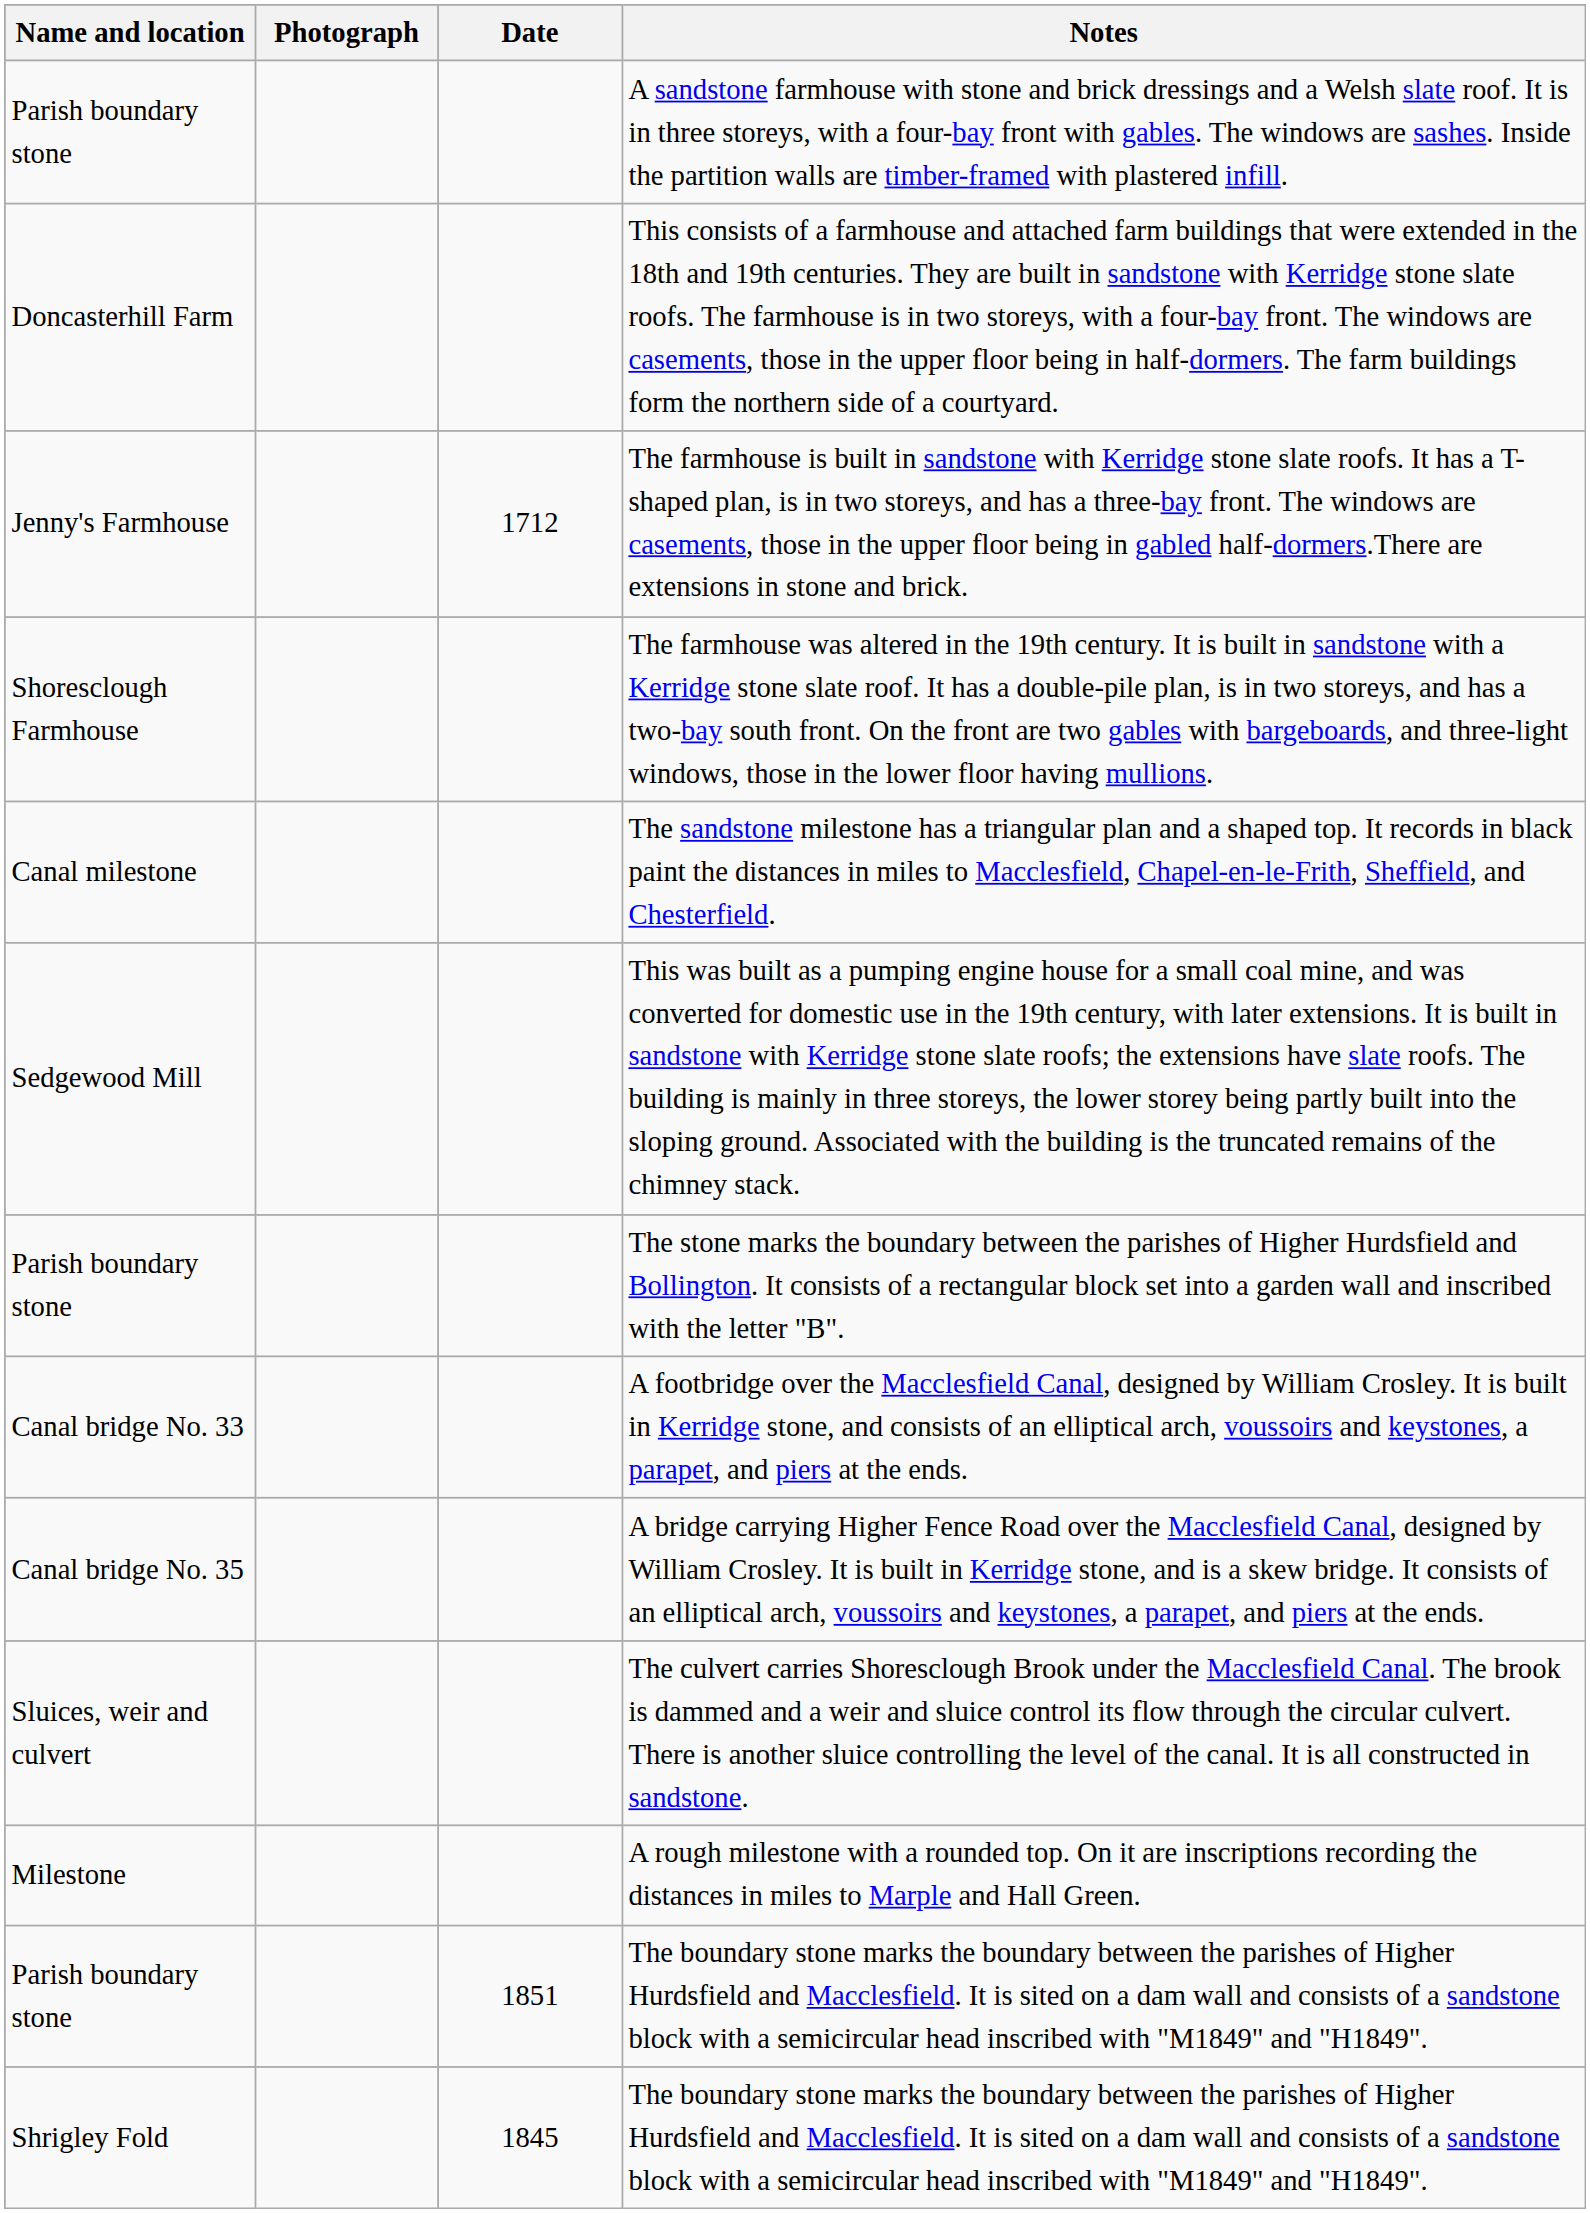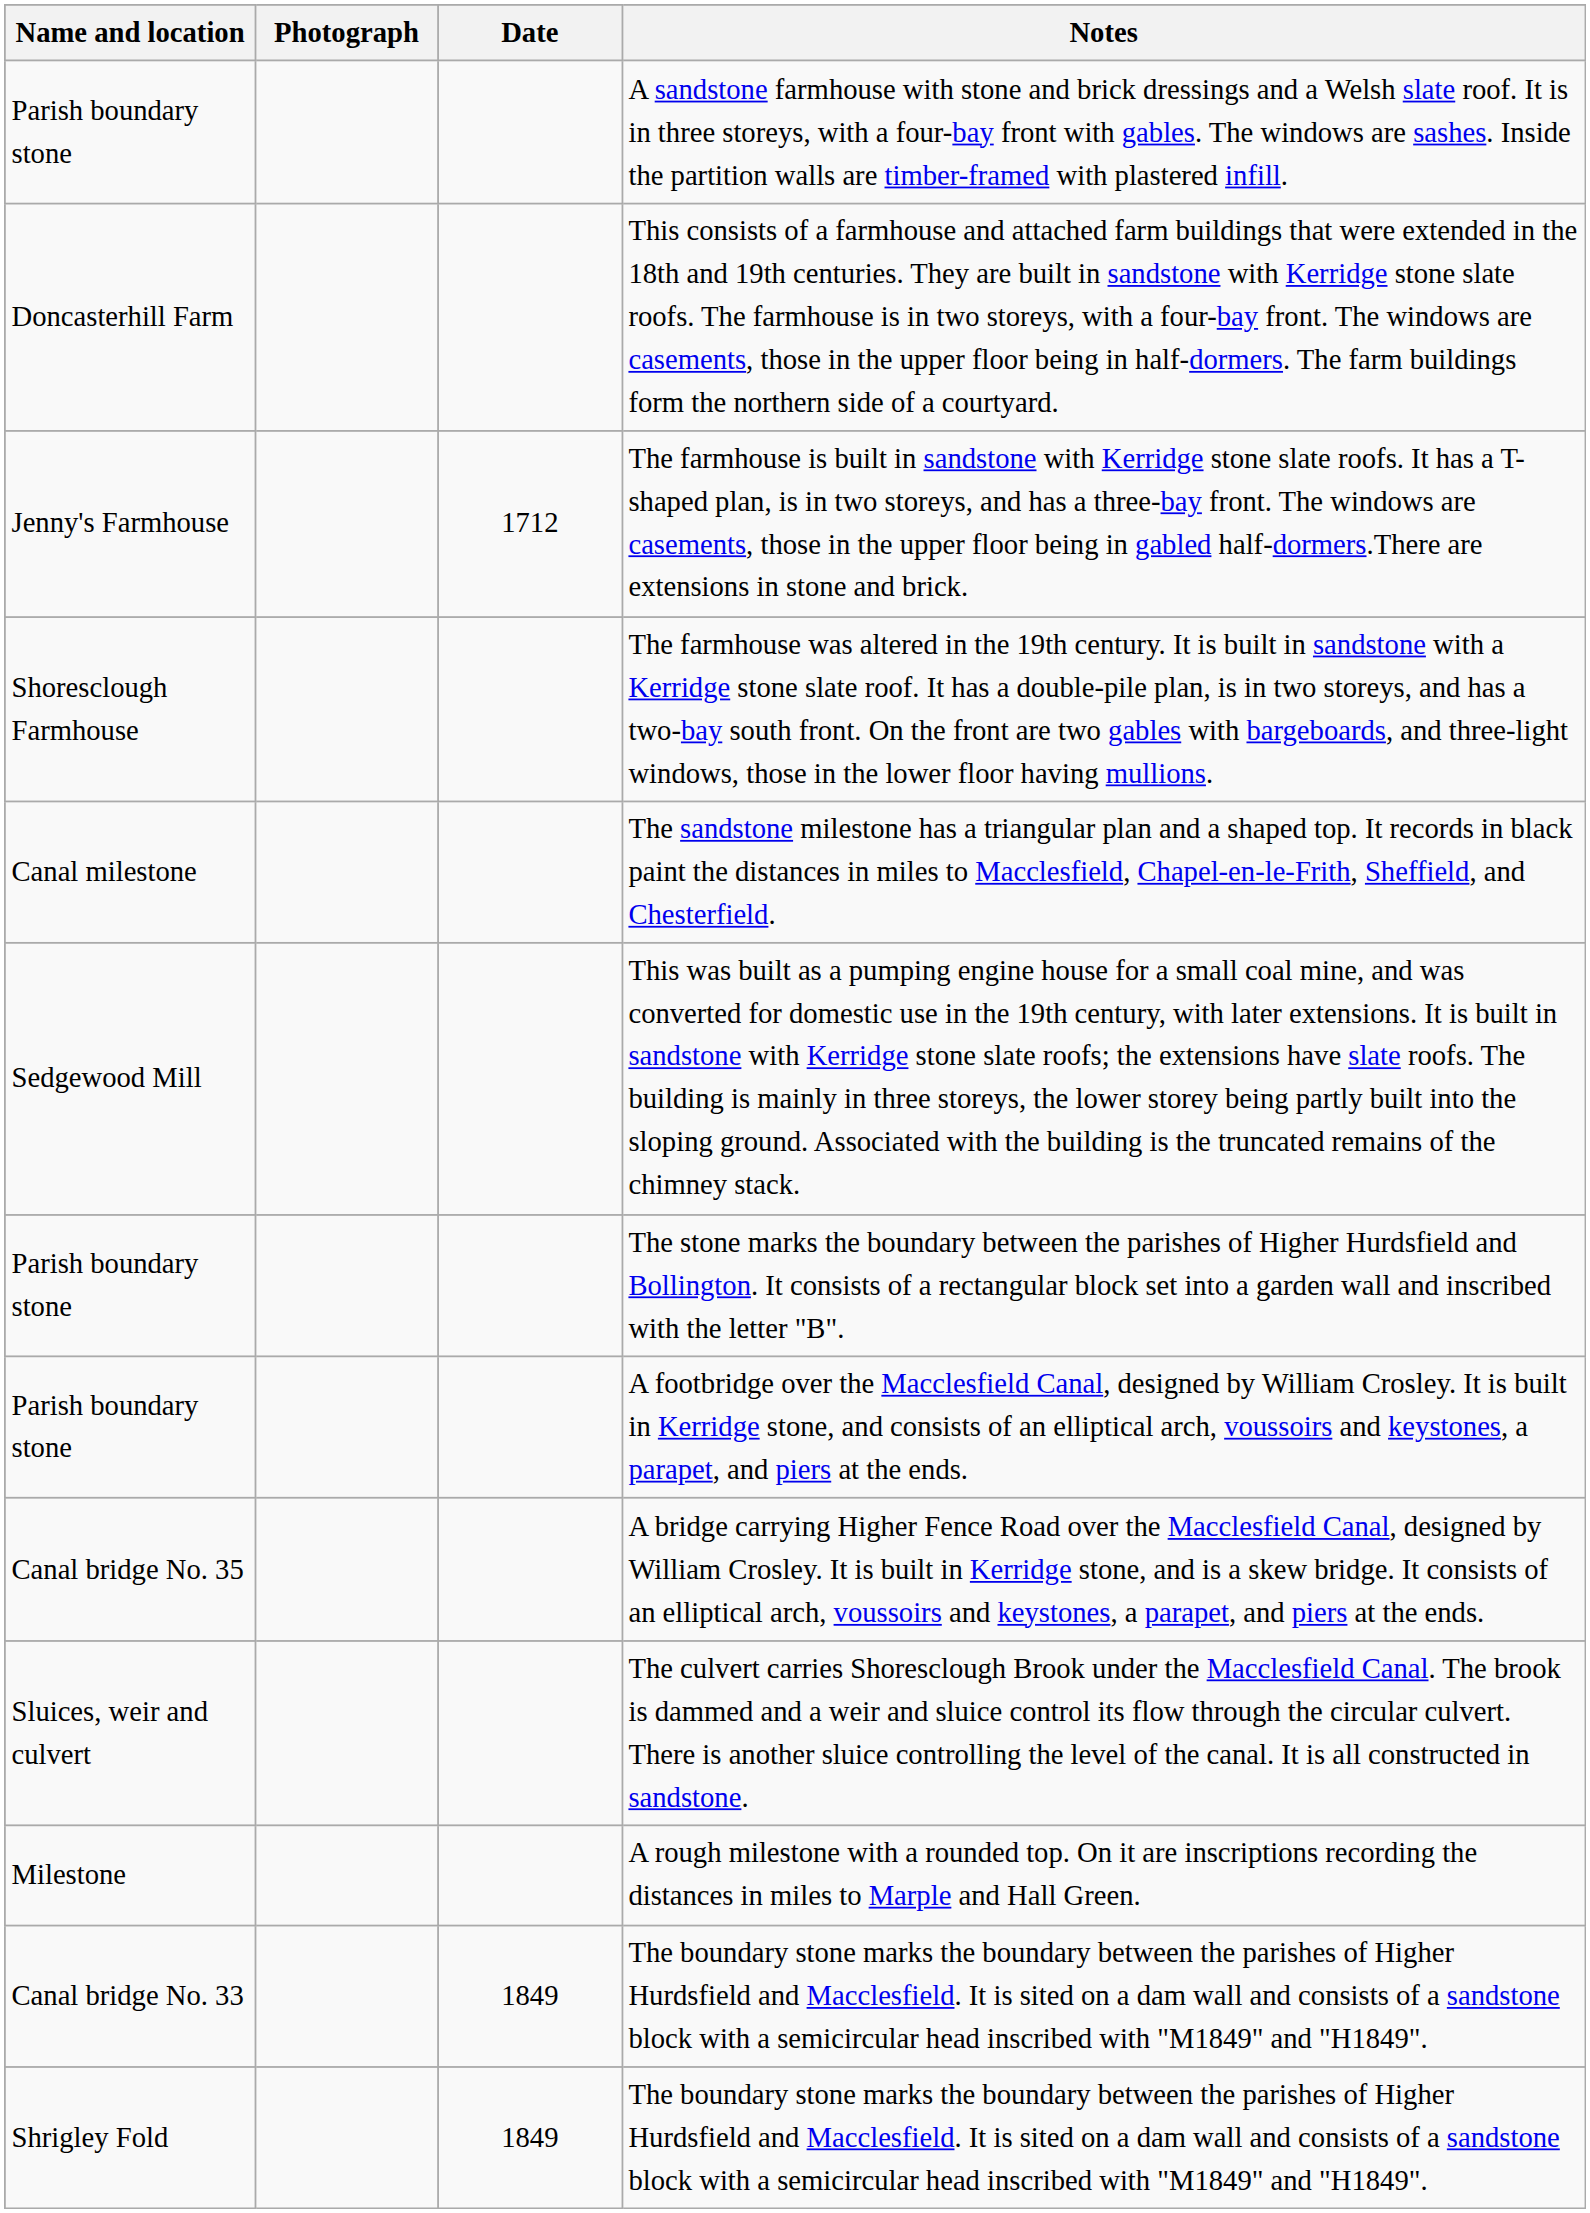 <table class="wikitable sortable plainrowheaders" style="width:100%;border:0px;text-align:left;line-height:150%;">
 <tr>
 <th scope="col" style="width:150px">Name and location</th>
 <th scope="col" style="width:100px" class="unsortable">Photograph</th>
 <th scope="col" style="width:120px">Date</th>
 <th scope="col" style="width:700px" class="unsortable">Notes</th>
 </tr>
 <tr>
 <td>Parish boundary stone<br><small></small></td>
 <td></td>
 <td align="center"></td>
 <td>A <a href='#'>sandstone</a> farmhouse with stone and brick dressings and a Welsh <a href='#'>slate</a> roof. It is in three storeys, with a four-<a href='#'>bay</a> front with <a href='#'>gables</a>. The windows are <a href='#'>sashes</a>. Inside the partition walls are <a href='#'>timber-framed</a> with plastered <a href='#'>infill</a>. </td>
 </tr>
 <tr>
 <td>Doncasterhill Farm<br><small></small></td>
 <td></td>
 <td align="center"></td>
 <td>This consists of a farmhouse and attached farm buildings that were extended in the 18th and 19th centuries. They are built in <a href='#'>sandstone</a> with <a href='#'>Kerridge</a> stone slate roofs. The farmhouse is in two storeys, with a four-<a href='#'>bay</a> front. The windows are <a href='#'>casements</a>, those in the upper floor being in half-<a href='#'>dormers</a>. The farm buildings form the northern side of a courtyard.</td>
 </tr>
 <tr>
 <td>Jenny's Farmhouse<br><small></small></td>
 <td></td>
 <td align="center">1712</td>
 <td>The farmhouse is built in <a href='#'>sandstone</a> with <a href='#'>Kerridge</a> stone slate roofs. It has a T-shaped plan, is in two storeys, and has a three-<a href='#'>bay</a> front. The windows are <a href='#'>casements</a>, those in the upper floor being in <a href='#'>gabled</a> half-<a href='#'>dormers</a>.There are extensions in stone and brick.</td>
 </tr>
 <tr>
 <td>Shoresclough Farmhouse<br><small></small></td>
 <td></td>
 <td align="center"></td>
 <td>The farmhouse was altered in the 19th century. It is built in <a href='#'>sandstone</a> with a <a href='#'>Kerridge</a> stone slate roof. It has a double-pile plan, is in two storeys, and has a two-<a href='#'>bay</a> south front. On the front are two <a href='#'>gables</a> with <a href='#'>bargeboards</a>, and three-light windows, those in the lower floor having <a href='#'>mullions</a>.</td>
 </tr>
 <tr>
 <td>Canal milestone<br><small></small></td>
 <td></td>
 <td align="center"></td>
 <td>The <a href='#'>sandstone</a> milestone has a triangular plan and a shaped top. It records in black paint the distances in miles to <a href='#'>Macclesfield</a>, <a href='#'>Chapel-en-le-Frith</a>, <a href='#'>Sheffield</a>, and <a href='#'>Chesterfield</a>.</td>
 </tr>
 <tr>
 <td>Sedgewood Mill<br><small></small></td>
 <td></td>
 <td align="center"></td>
 <td>This was built as a pumping engine house for a small coal mine, and was converted for domestic use in the 19th century, with later extensions. It is built in <a href='#'>sandstone</a> with <a href='#'>Kerridge</a> stone slate roofs; the extensions have <a href='#'>slate</a> roofs. The building is mainly in three storeys, the lower storey being partly built into the sloping ground. Associated with the building is the truncated remains of the chimney stack.</td>
 </tr>
 <tr>
 <td>Parish boundary stone<br><small></small></td>
 <td></td>
 <td align="center"></td>
 <td>The stone marks the boundary between the parishes of Higher Hurdsfield and <a href='#'>Bollington</a>. It consists of a rectangular block set into a garden wall and inscribed with the letter "B".</td>
 </tr>
 <tr>
-<td>Canal bridge No. 33<br><small></small></td>
+<td>Parish boundary stone<br><small></small></td>
 <td></td>
 <td align="center"></td>
 <td>A footbridge over the <a href='#'>Macclesfield Canal</a>, designed by William Crosley. It is built in <a href='#'>Kerridge</a> stone, and consists of an elliptical arch, <a href='#'>voussoirs</a> and <a href='#'>keystones</a>, a <a href='#'>parapet</a>, and <a href='#'>piers</a> at the ends.</td>
 </tr>
 <tr>
 <td>Canal bridge No. 35<br><small></small></td>
 <td></td>
 <td align="center"></td>
 <td>A bridge carrying Higher Fence Road over the <a href='#'>Macclesfield Canal</a>, designed by William Crosley. It is built in <a href='#'>Kerridge</a> stone, and is a skew bridge. It consists of an elliptical arch, <a href='#'>voussoirs</a> and <a href='#'>keystones</a>, a <a href='#'>parapet</a>, and <a href='#'>piers</a> at the ends.</td>
 </tr>
 <tr>
 <td>Sluices, weir and culvert<br><small></small></td>
 <td></td>
 <td align="center"></td>
 <td>The culvert carries Shoresclough Brook under the <a href='#'>Macclesfield Canal</a>. The brook is dammed and a weir and sluice control its flow through the circular culvert. There is another sluice controlling the level of the canal. It is all constructed in <a href='#'>sandstone</a>.</td>
 </tr>
 <tr>
 <td>Milestone<br><small></small></td>
 <td></td>
 <td align="center"></td>
 <td>A rough milestone with a rounded top. On it are inscriptions recording the distances in miles to <a href='#'>Marple</a> and Hall Green.</td>
 </tr>
 <tr>
-<td>Parish boundary stone<br><small></small></td>
+<td>Canal bridge No. 33<br><small></small></td>
 <td></td>
-<td align="center">1851</td>
+<td align="center">1849</td>
 <td>The boundary stone marks the boundary between the parishes of Higher Hurdsfield and <a href='#'>Macclesfield</a>. It is sited on a dam wall and consists of a <a href='#'>sandstone</a> block with a semicircular head inscribed with "M1849" and "H1849".</td>
 </tr>
 <tr>
 <td>Shrigley Fold<br><small></small></td>
 <td></td>
-<td align="center">1845</td>
+<td align="center">1849</td>
 <td>The boundary stone marks the boundary between the parishes of Higher Hurdsfield and <a href='#'>Macclesfield</a>. It is sited on a dam wall and consists of a <a href='#'>sandstone</a> block with a semicircular head inscribed with "M1849" and "H1849".</td>
 </tr>
 <tr>
 </tr>
 </table>
